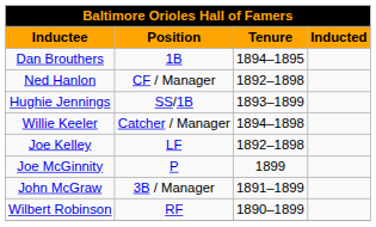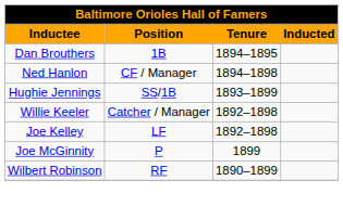 <table class="wikitable" style="text-align:center">
 <tr>
 <th colspan=4 style="background:black; color:#ffa500;">Baltimore Orioles Hall of Famers</th>
 </tr>
 <tr>
 <th style="background:#ffa500;">Inductee</th>
 <th style="background:#ffa500;">Position</th>
 <th style="background:#ffa500;">Tenure</th>
 <th style="background:#ffa500;">Inducted</th>
 </tr>
 <tr>
 <td><a href='#'>Dan Brouthers</a></td>
 <td><a href='#'>1B</a></td>
 <td>1894–1895</td>
 <td></td>
 </tr>
 <tr>
 <td><a href='#'>Ned Hanlon</a></td>
 <td><a href='#'>CF</a> / Manager</td>
-<td>1892–1898</td>
+<td>1894–1898</td>
 <td></td>
 </tr>
 <tr>
 <td><a href='#'>Hughie Jennings</a></td>
 <td><a href='#'>SS</a>/<a href='#'>1B</a></td>
 <td>1893–1899</td>
 <td></td>
 </tr>
 <tr>
 <td><a href='#'>Willie Keeler</a></td>
 <td><a href='#'>Catcher</a> / Manager</td>
-<td>1894–1898</td>
+<td>1892–1898</td>
 <td></td>
 </tr>
 <tr>
 <td><a href='#'>Joe Kelley</a></td>
 <td><a href='#'>LF</a></td>
 <td>1892–1898</td>
 <td></td>
 </tr>
 <tr>
 <td><a href='#'>Joe McGinnity</a></td>
 <td><a href='#'>P</a></td>
 <td>1899</td>
 <td></td>
 </tr>
 <tr>
-<td><a href='#'>John McGraw</a></td>
-<td><a href='#'>3B</a> / Manager</td>
-<td>1891–1899</td>
-<td></td>
-</tr>
-<tr>
 <td><a href='#'>Wilbert Robinson</a></td>
 <td><a href='#'>RF</a></td>
 <td>1890–1899</td>
 <td></td>
 </tr>
 <tr>
 </tr>
 </table>
